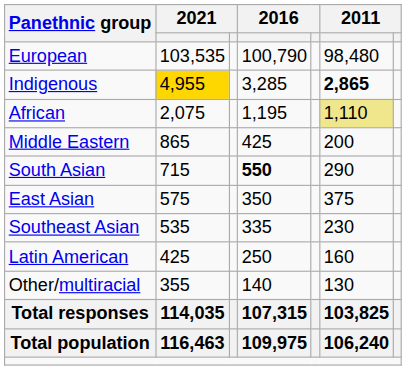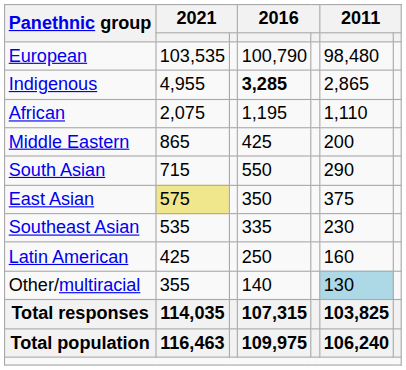 <table class="wikitable collapsible sortable">
 <tr>
 <th rowspan="2"><a href='#'>Panethnic</a> group</th>
 <th colspan="2">2021</th>
 <th colspan="2">2016</th>
 <th colspan="2">2011</th>
 </tr>
 <tr>
 <th><a href='#'></a></th>
 <th></th>
 <th></th>
 <th></th>
 <th></th>
 <th></th>
 </tr>
 <tr>
 <td><a href='#'>European</a></td>
 <td>103,535</td>
 <td></td>
 <td>100,790</td>
 <td></td>
 <td>98,480</td>
 <td></td>
 </tr>
 <tr>
 <td><a href='#'>Indigenous</a></td>
-<td style="background: gold;">4,955</td>
+<td>4,955</td>
 <td></td>
-<td>3,285</td>
+<td><strong>3,285</strong></td>
 <td></td>
-<td><strong>2,865</strong></td>
+<td>2,865</td>
 <td></td>
 </tr>
 <tr>
 <td><a href='#'>African</a></td>
 <td>2,075</td>
 <td></td>
 <td>1,195</td>
 <td></td>
-<td style="background: khaki;">1,110</td>
+<td>1,110</td>
 <td></td>
 </tr>
 <tr>
 <td><a href='#'>Middle Eastern</a></td>
 <td>865</td>
 <td></td>
 <td>425</td>
 <td></td>
 <td>200</td>
 <td></td>
 </tr>
 <tr>
 <td><a href='#'>South Asian</a></td>
 <td>715</td>
 <td></td>
-<td><strong>550</strong></td>
+<td>550</td>
 <td></td>
 <td>290</td>
 <td></td>
 </tr>
 <tr>
 <td><a href='#'>East Asian</a></td>
-<td>575</td>
+<td style="background: khaki;">575</td>
 <td></td>
 <td>350</td>
 <td></td>
 <td>375</td>
 <td></td>
 </tr>
 <tr>
 <td><a href='#'>Southeast Asian</a></td>
 <td>535</td>
 <td></td>
 <td>335</td>
 <td></td>
 <td>230</td>
 <td></td>
 </tr>
 <tr>
 <td><a href='#'>Latin American</a></td>
 <td>425</td>
 <td></td>
 <td>250</td>
 <td></td>
 <td>160</td>
 <td></td>
 </tr>
 <tr>
 <td>Other/<a href='#'>multiracial</a></td>
 <td>355</td>
 <td></td>
 <td>140</td>
 <td></td>
-<td>130</td>
+<td style="background: lightblue;">130</td>
 <td></td>
 </tr>
 <tr>
 <th>Total responses</th>
 <th>114,035</th>
 <th></th>
 <th>107,315</th>
 <th></th>
 <th>103,825</th>
 <th></th>
 </tr>
 <tr class="sortbottom">
 <th>Total population</th>
 <th>116,463</th>
 <th></th>
 <th>109,975</th>
 <th></th>
 <th>106,240</th>
 <th></th>
 </tr>
 <tr class="sortbottom">
 <td colspan="15"></td>
 </tr>
 </table>
